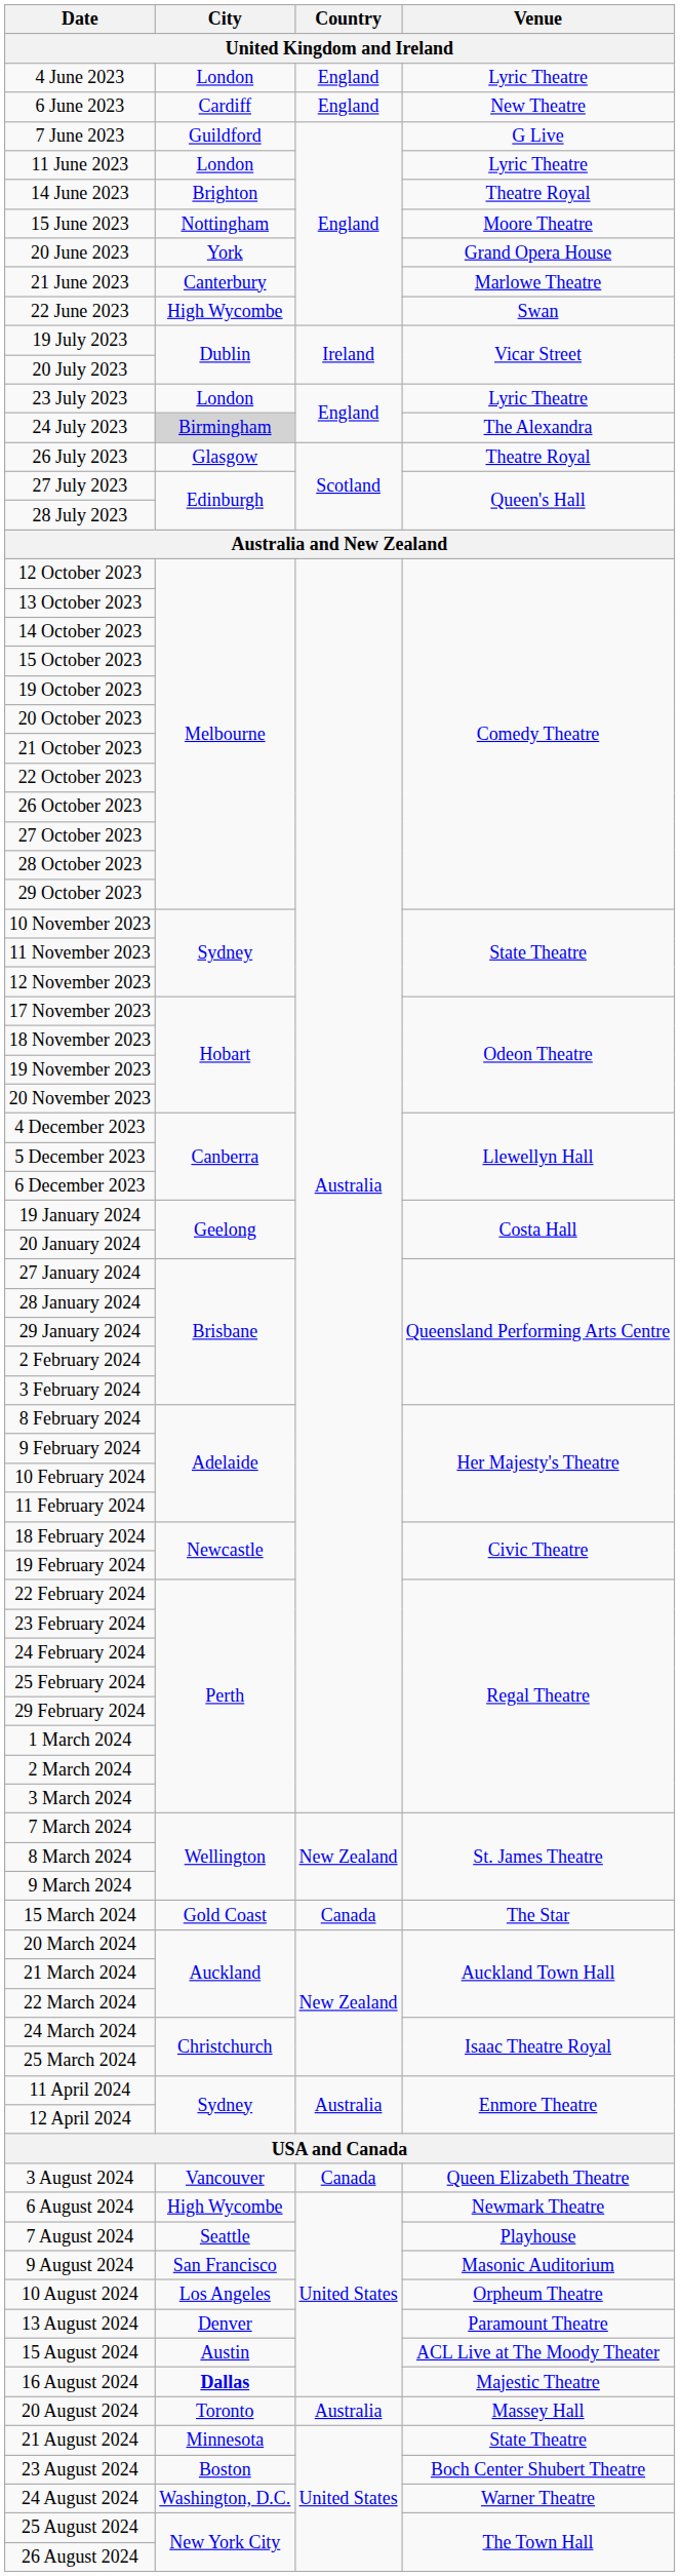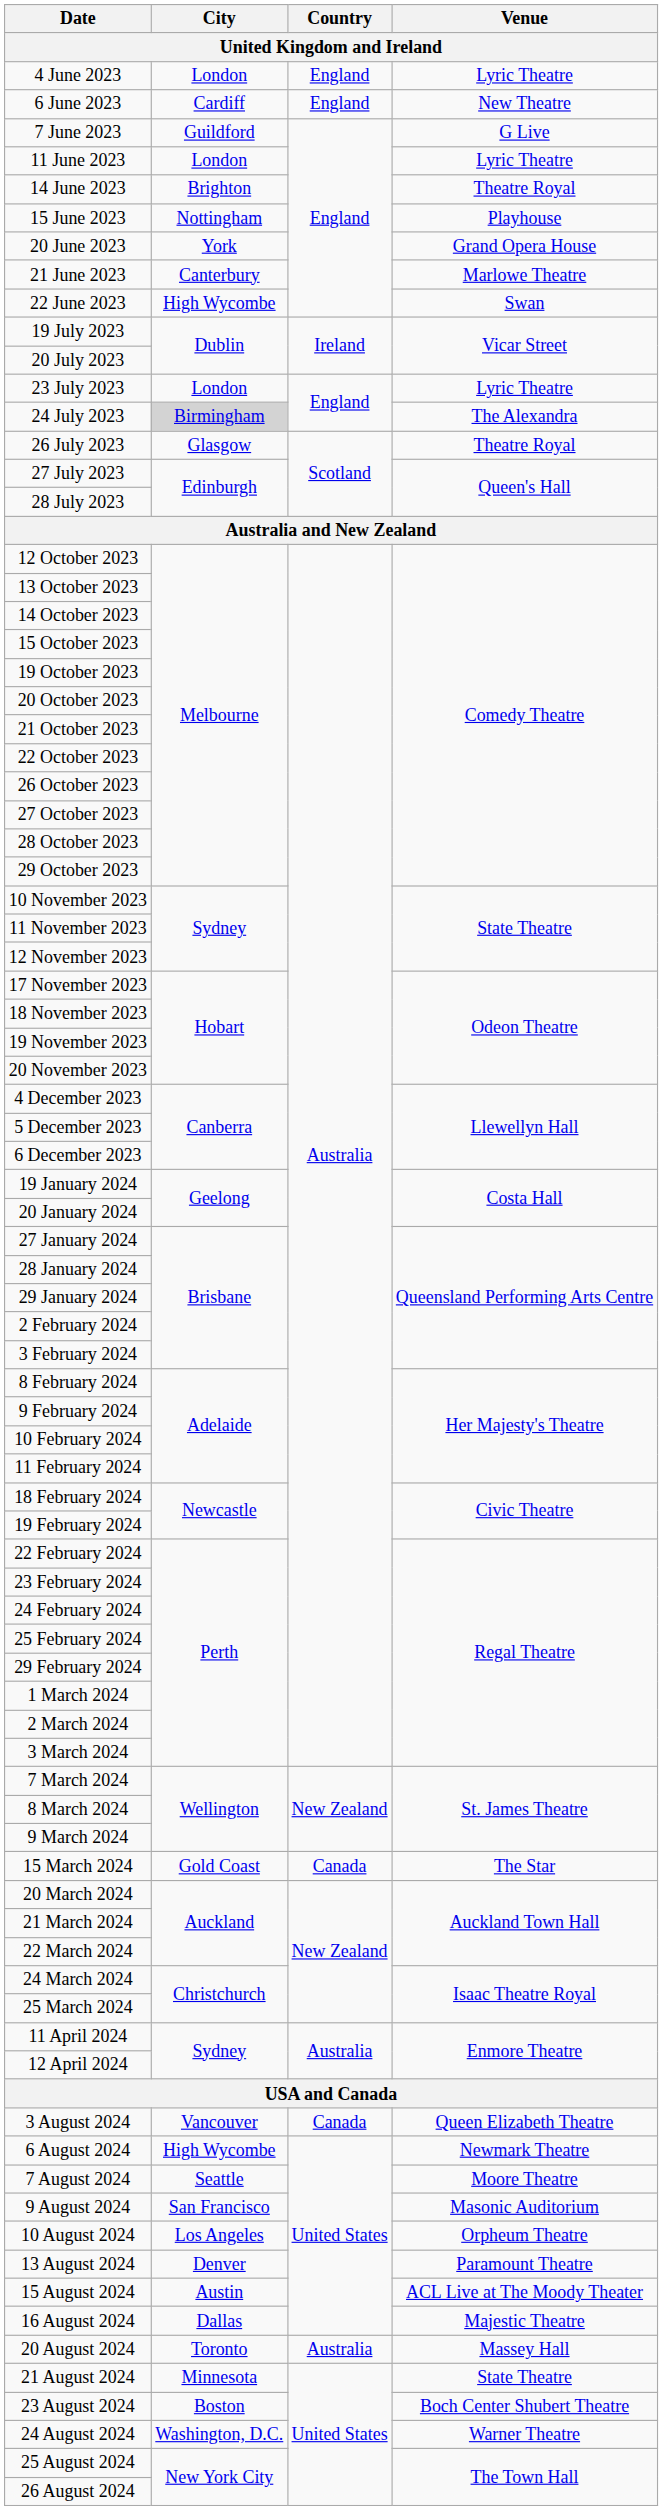 <table class="wikitable" style="text-align:center">
 <tr>
 <th>Date</th>
 <th>City</th>
 <th>Country</th>
 <th>Venue</th>
 </tr>
 <tr>
 <th colspan="4">United Kingdom and Ireland</th>
 </tr>
 <tr>
 <td>4 June 2023</td>
 <td><a href='#'>London</a></td>
 <td><a href='#'>England</a></td>
 <td><a href='#'>Lyric Theatre</a></td>
 </tr>
 <tr>
 <td>6 June 2023</td>
 <td><a href='#'>Cardiff</a></td>
 <td><a href='#'>England</a></td>
 <td><a href='#'>New Theatre</a></td>
 </tr>
 <tr>
 <td>7 June 2023</td>
 <td><a href='#'>Guildford</a></td>
 <td rowspan="7"><a href='#'>England</a></td>
 <td><a href='#'>G Live</a></td>
 </tr>
 <tr>
 <td>11 June 2023</td>
 <td><a href='#'>London</a></td>
 <td><a href='#'>Lyric Theatre</a></td>
 </tr>
 <tr>
 <td>14 June 2023</td>
 <td><a href='#'>Brighton</a></td>
 <td><a href='#'>Theatre Royal</a></td>
 </tr>
 <tr>
 <td>15 June 2023</td>
 <td><a href='#'>Nottingham</a></td>
-<td><a href='#'>Moore Theatre</a></td>
+<td><a href='#'>Playhouse</a></td>
 </tr>
 <tr>
 <td>20 June 2023</td>
 <td><a href='#'>York</a></td>
 <td><a href='#'>Grand Opera House</a></td>
 </tr>
 <tr>
 <td>21 June 2023</td>
 <td><a href='#'>Canterbury</a></td>
 <td><a href='#'>Marlowe Theatre</a></td>
 </tr>
 <tr>
 <td>22 June 2023</td>
 <td><a href='#'>High Wycombe</a></td>
 <td><a href='#'>Swan</a></td>
 </tr>
 <tr>
 <td>19 July 2023</td>
 <td rowspan="2"><a href='#'>Dublin</a></td>
 <td rowspan="2"><a href='#'>Ireland</a></td>
 <td rowspan="2"><a href='#'>Vicar Street</a></td>
 </tr>
 <tr>
 <td>20 July 2023</td>
 </tr>
 <tr>
 <td>23 July 2023</td>
 <td><a href='#'>London</a></td>
 <td rowspan="2"><a href='#'>England</a></td>
 <td><a href='#'>Lyric Theatre</a></td>
 </tr>
 <tr>
 <td>24 July 2023</td>
 <td style="background: lightgrey;"><a href='#'>Birmingham</a></td>
 <td><a href='#'>The Alexandra</a></td>
 </tr>
 <tr>
 <td>26 July 2023</td>
 <td><a href='#'>Glasgow</a></td>
 <td rowspan="3"><a href='#'>Scotland</a></td>
 <td><a href='#'>Theatre Royal</a></td>
 </tr>
 <tr>
 <td>27 July 2023</td>
 <td rowspan="2"><a href='#'>Edinburgh</a></td>
 <td rowspan="2"><a href='#'>Queen's Hall</a></td>
 </tr>
 <tr>
 <td>28 July 2023</td>
 </tr>
 <tr>
 <th colspan="4">Australia and New Zealand</th>
 </tr>
 <tr>
 <td>12 October 2023</td>
 <td rowspan="12"><a href='#'>Melbourne</a></td>
 <td rowspan="43"><a href='#'>Australia</a></td>
 <td rowspan="12"><a href='#'>Comedy Theatre</a></td>
 </tr>
 <tr>
 <td>13 October 2023</td>
 </tr>
 <tr>
 <td>14 October 2023</td>
 </tr>
 <tr>
 <td>15 October 2023</td>
 </tr>
 <tr>
 <td>19 October 2023</td>
 </tr>
 <tr>
 <td>20 October 2023</td>
 </tr>
 <tr>
 <td>21 October 2023</td>
 </tr>
 <tr>
 <td>22 October 2023</td>
 </tr>
 <tr>
 <td>26 October 2023</td>
 </tr>
 <tr>
 <td>27 October 2023</td>
 </tr>
 <tr>
 <td>28 October 2023</td>
 </tr>
 <tr>
 <td>29 October 2023</td>
 </tr>
 <tr>
 <td>10 November 2023</td>
 <td rowspan="3"><a href='#'>Sydney</a></td>
 <td rowspan="3"><a href='#'>State Theatre</a></td>
 </tr>
 <tr>
 <td>11 November 2023</td>
 </tr>
 <tr>
 <td>12 November 2023</td>
 </tr>
 <tr>
 <td>17 November 2023</td>
 <td rowspan="4"><a href='#'>Hobart</a></td>
 <td rowspan="4"><a href='#'>Odeon Theatre</a></td>
 </tr>
 <tr>
 <td>18 November 2023</td>
 </tr>
 <tr>
 <td>19 November 2023</td>
 </tr>
 <tr>
 <td>20 November 2023</td>
 </tr>
 <tr>
 <td>4 December 2023</td>
 <td rowspan="3"><a href='#'>Canberra</a></td>
 <td rowspan="3"><a href='#'>Llewellyn Hall</a></td>
 </tr>
 <tr>
 <td>5 December 2023</td>
 </tr>
 <tr>
 <td>6 December 2023</td>
 </tr>
 <tr>
 <td>19 January 2024</td>
 <td rowspan="2"><a href='#'>Geelong</a></td>
 <td rowspan="2"><a href='#'>Costa Hall</a></td>
 </tr>
 <tr>
 <td>20 January 2024</td>
 </tr>
 <tr>
 <td>27 January 2024</td>
 <td rowspan="5"><a href='#'>Brisbane</a></td>
 <td rowspan="5"><a href='#'>Queensland Performing Arts Centre</a></td>
 </tr>
 <tr>
 <td>28 January 2024</td>
 </tr>
 <tr>
 <td>29 January 2024</td>
 </tr>
 <tr>
 <td>2 February 2024</td>
 </tr>
 <tr>
 <td>3 February 2024</td>
 </tr>
 <tr>
 <td>8 February 2024</td>
 <td rowspan="4"><a href='#'>Adelaide</a></td>
 <td rowspan="4"><a href='#'>Her Majesty's Theatre</a></td>
 </tr>
 <tr>
 <td>9 February 2024</td>
 </tr>
 <tr>
 <td>10 February 2024</td>
 </tr>
 <tr>
 <td>11 February 2024</td>
 </tr>
 <tr>
 <td>18 February 2024</td>
 <td rowspan="2"><a href='#'>Newcastle</a></td>
 <td rowspan="2"><a href='#'>Civic Theatre</a></td>
 </tr>
 <tr>
 <td>19 February 2024</td>
 </tr>
 <tr>
 <td>22 February 2024</td>
 <td rowspan="8"><a href='#'>Perth</a></td>
 <td rowspan="8"><a href='#'>Regal Theatre</a></td>
 </tr>
 <tr>
 <td>23 February 2024</td>
 </tr>
 <tr>
 <td>24 February 2024</td>
 </tr>
 <tr>
 <td>25 February 2024</td>
 </tr>
 <tr>
 <td>29 February 2024</td>
 </tr>
 <tr>
 <td>1 March 2024</td>
 </tr>
 <tr>
 <td>2 March 2024</td>
 </tr>
 <tr>
 <td>3 March 2024</td>
 </tr>
 <tr>
 <td>7 March 2024</td>
 <td rowspan="3"><a href='#'>Wellington</a></td>
 <td rowspan="3"><a href='#'>New Zealand</a></td>
 <td rowspan="3"><a href='#'>St. James Theatre</a></td>
 </tr>
 <tr>
 <td>8 March 2024</td>
 </tr>
 <tr>
 <td>9 March 2024</td>
 </tr>
 <tr>
 <td>15 March 2024</td>
 <td><a href='#'>Gold Coast</a></td>
 <td><a href='#'>Canada</a></td>
 <td><a href='#'>The Star</a></td>
 </tr>
 <tr>
 <td>20 March 2024</td>
 <td rowspan="3"><a href='#'>Auckland</a></td>
 <td rowspan="5"><a href='#'>New Zealand</a></td>
 <td rowspan="3"><a href='#'>Auckland Town Hall</a></td>
 </tr>
 <tr>
 <td>21 March 2024</td>
 </tr>
 <tr>
 <td>22 March 2024</td>
 </tr>
 <tr>
 <td>24 March 2024</td>
 <td rowspan="2"><a href='#'>Christchurch</a></td>
 <td rowspan="2"><a href='#'>Isaac Theatre Royal</a></td>
 </tr>
 <tr>
 <td>25 March 2024</td>
 </tr>
 <tr>
 <td>11 April 2024</td>
 <td rowspan="2"><a href='#'>Sydney</a></td>
 <td rowspan="2"><a href='#'>Australia</a></td>
 <td rowspan="2"><a href='#'>Enmore Theatre</a></td>
 </tr>
 <tr>
 <td>12 April 2024</td>
 </tr>
 <tr>
 <th colspan="4">USA and Canada</th>
 </tr>
 <tr>
 <td>3 August 2024</td>
 <td><a href='#'>Vancouver</a></td>
 <td><a href='#'>Canada</a></td>
 <td><a href='#'>Queen Elizabeth Theatre</a></td>
 </tr>
 <tr>
 <td>6 August 2024</td>
 <td><a href='#'>High Wycombe</a></td>
 <td rowspan="7"><a href='#'>United States</a></td>
 <td><a href='#'>Newmark Theatre</a></td>
 </tr>
 <tr>
 <td>7 August 2024</td>
 <td><a href='#'>Seattle</a></td>
-<td><a href='#'>Playhouse</a></td>
+<td><a href='#'>Moore Theatre</a></td>
 </tr>
 <tr>
 <td>9 August 2024</td>
 <td><a href='#'>San Francisco</a></td>
 <td><a href='#'>Masonic Auditorium</a></td>
 </tr>
 <tr>
 <td>10 August 2024</td>
 <td><a href='#'>Los Angeles</a></td>
 <td><a href='#'>Orpheum Theatre</a></td>
 </tr>
 <tr>
 <td>13 August 2024</td>
 <td><a href='#'>Denver</a></td>
 <td><a href='#'>Paramount Theatre</a></td>
 </tr>
 <tr>
 <td>15 August 2024</td>
 <td><a href='#'>Austin</a></td>
 <td><a href='#'>ACL Live at The Moody Theater</a></td>
 </tr>
 <tr>
 <td>16 August 2024</td>
-<td><strong><a href='#'>Dallas</a></strong></td>
+<td><a href='#'>Dallas</a></td>
 <td><a href='#'>Majestic Theatre</a></td>
 </tr>
 <tr>
 <td>20 August 2024</td>
 <td><a href='#'>Toronto</a></td>
 <td><a href='#'>Australia</a></td>
 <td><a href='#'>Massey Hall</a></td>
 </tr>
 <tr>
 <td>21 August 2024</td>
 <td><a href='#'>Minnesota</a></td>
 <td rowspan="5"><a href='#'>United States</a></td>
 <td><a href='#'>State Theatre</a></td>
 </tr>
 <tr>
 <td>23 August 2024</td>
 <td><a href='#'>Boston</a></td>
 <td><a href='#'>Boch Center Shubert Theatre</a></td>
 </tr>
 <tr>
 <td>24 August 2024</td>
 <td><a href='#'>Washington, D.C.</a></td>
 <td><a href='#'>Warner Theatre</a></td>
 </tr>
 <tr>
 <td>25 August 2024</td>
 <td rowspan="2"><a href='#'>New York City</a></td>
 <td rowspan="2"><a href='#'>The Town Hall</a></td>
 </tr>
 <tr>
 <td>26 August 2024</td>
 </tr>
 </table>
